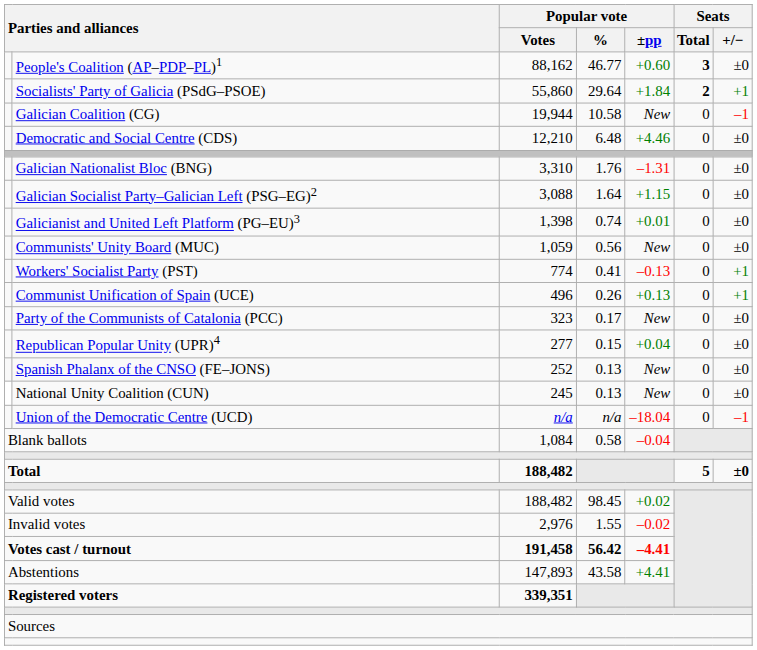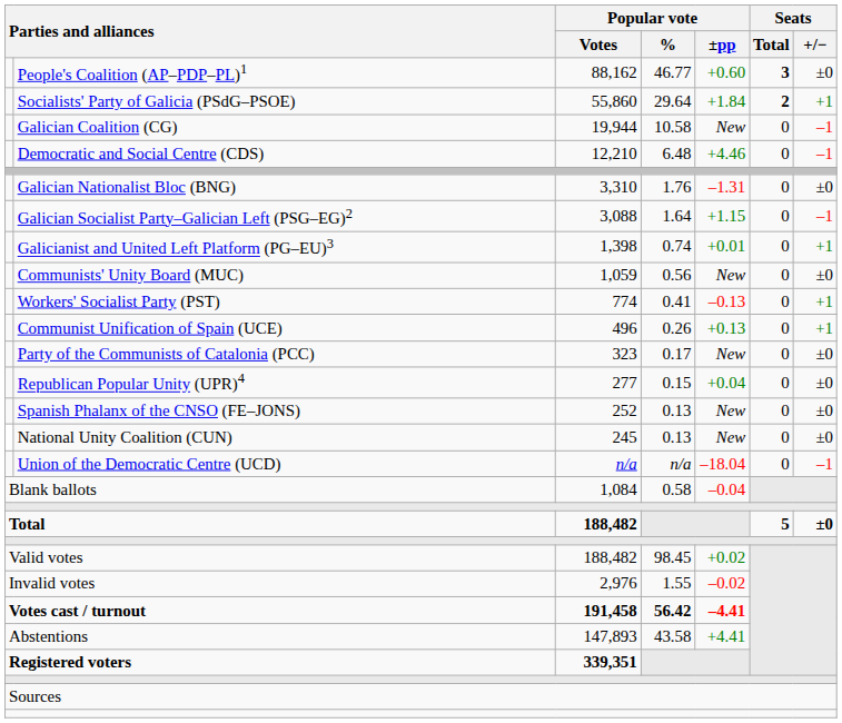 <table class="wikitable" style="text-align:right;">
 <tr>
 <th style="text-align:left;" rowspan="2" colspan="2" width="525">Parties and alliances</th>
 <th colspan="3">Popular vote</th>
 <th colspan="2">Seats</th>
 </tr>
 <tr>
 <th width="75">Votes</th>
 <th width="45">%</th>
 <th width="45">±<a href='#'>pp</a></th>
 <th width="35">Total</th>
 <th width="35">+/−</th>
 </tr>
 <tr>
 <td width="1" style="color:inherit;background:"></td>
 <td align="left"><a href='#'>People's Coalition</a> (<a href='#'>AP</a>–<a href='#'>PDP</a>–<a href='#'>PL</a>)<sup>1</sup></td>
 <td>88,162</td>
 <td>46.77</td>
 <td style="color:green;">+0.60</td>
 <td><strong>3</strong></td>
 <td>±0</td>
 </tr>
 <tr>
 <td style="color:inherit;background:"></td>
 <td align="left"><a href='#'>Socialists' Party of Galicia</a> (PSdG–PSOE)</td>
 <td>55,860</td>
 <td>29.64</td>
 <td style="color:green;">+1.84</td>
 <td><strong>2</strong></td>
 <td style="color:green;">+1</td>
 </tr>
 <tr>
 <td style="color:inherit;background:"></td>
 <td align="left"><a href='#'>Galician Coalition</a> (CG)</td>
 <td>19,944</td>
 <td>10.58</td>
 <td><em>New</em></td>
 <td>0</td>
 <td style="color:red;">–1</td>
 </tr>
 <tr>
 <td style="color:inherit;background:"></td>
 <td align="left"><a href='#'>Democratic and Social Centre</a> (CDS)</td>
 <td>12,210</td>
 <td>6.48</td>
 <td style="color:green;">+4.46</td>
 <td>0</td>
-<td>±0</td>
+<td style="color:red;">–1</td>
 </tr>
 <tr>
 <td colspan="7" bgcolor="#C0C0C0"></td>
 </tr>
 <tr>
 <td style="color:inherit;background:"></td>
 <td align="left"><a href='#'>Galician Nationalist Bloc</a> (BNG)</td>
 <td>3,310</td>
 <td>1.76</td>
 <td style="color:red;">–1.31</td>
 <td>0</td>
 <td>±0</td>
 </tr>
 <tr>
 <td style="color:inherit;background:"></td>
 <td align="left"><a href='#'>Galician Socialist Party–Galician Left</a> (PSG–EG)<sup>2</sup></td>
 <td>3,088</td>
 <td>1.64</td>
 <td style="color:green;">+1.15</td>
 <td>0</td>
-<td>±0</td>
+<td style="color:red;">–1</td>
 </tr>
 <tr>
 <td style="color:inherit;background:"></td>
 <td align="left"><a href='#'>Galicianist and United Left Platform</a> (PG–EU)<sup>3</sup></td>
 <td>1,398</td>
 <td>0.74</td>
 <td style="color:green;">+0.01</td>
 <td>0</td>
-<td>±0</td>
+<td style="color:green;">+1</td>
 </tr>
 <tr>
 <td style="color:inherit;background:"></td>
 <td align="left"><a href='#'>Communists' Unity Board</a> (MUC)</td>
 <td>1,059</td>
 <td>0.56</td>
 <td><em>New</em></td>
 <td>0</td>
 <td>±0</td>
 </tr>
 <tr>
 <td style="color:inherit;background:"></td>
 <td align="left"><a href='#'>Workers' Socialist Party</a> (PST)</td>
 <td>774</td>
 <td>0.41</td>
 <td style="color:red;">–0.13</td>
 <td>0</td>
 <td style="color:green;">+1</td>
 </tr>
 <tr>
 <td style="color:inherit;background:"></td>
 <td align="left"><a href='#'>Communist Unification of Spain</a> (UCE)</td>
 <td>496</td>
 <td>0.26</td>
 <td style="color:green;">+0.13</td>
 <td>0</td>
 <td style="color:green;">+1</td>
 </tr>
 <tr>
 <td style="color:inherit;background:"></td>
 <td align="left"><a href='#'>Party of the Communists of Catalonia</a> (PCC)</td>
 <td>323</td>
 <td>0.17</td>
 <td><em>New</em></td>
 <td>0</td>
 <td>±0</td>
 </tr>
 <tr>
 <td style="color:inherit;background:"></td>
 <td align="left"><a href='#'>Republican Popular Unity</a> (UPR)<sup>4</sup></td>
 <td>277</td>
 <td>0.15</td>
 <td style="color:green;">+0.04</td>
 <td>0</td>
 <td>±0</td>
 </tr>
 <tr>
 <td style="color:inherit;background:"></td>
 <td align="left"><a href='#'>Spanish Phalanx of the CNSO</a> (FE–JONS)</td>
 <td>252</td>
 <td>0.13</td>
 <td><em>New</em></td>
 <td>0</td>
 <td>±0</td>
 </tr>
 <tr>
 <td bgcolor="white"></td>
 <td align="left">National Unity Coalition (CUN)</td>
 <td>245</td>
 <td>0.13</td>
 <td><em>New</em></td>
 <td>0</td>
 <td>±0</td>
 </tr>
 <tr>
 <td style="color:inherit;background:"></td>
 <td align="left"><a href='#'>Union of the Democratic Centre</a> (UCD)</td>
 <td><em><a href='#'>n/a</a></em></td>
 <td><em>n/a</em></td>
 <td style="color:red;">–18.04</td>
 <td>0</td>
 <td style="color:red;">–1</td>
 </tr>
 <tr>
 <td align="left" colspan="2">Blank ballots</td>
 <td>1,084</td>
 <td>0.58</td>
 <td style="color:red;">–0.04</td>
 <td bgcolor="#E9E9E9" colspan="2"></td>
 </tr>
 <tr>
 <td colspan="7" bgcolor="#E9E9E9"></td>
 </tr>
 <tr style="font-weight:bold;">
 <td align="left" colspan="2">Total</td>
 <td>188,482</td>
 <td bgcolor="#E9E9E9" colspan="2"></td>
 <td>5</td>
 <td>±0</td>
 </tr>
 <tr>
 <td colspan="7" bgcolor="#E9E9E9"></td>
 </tr>
 <tr>
 <td align="left" colspan="2">Valid votes</td>
 <td>188,482</td>
 <td>98.45</td>
 <td style="color:green;">+0.02</td>
 <td bgcolor="#E9E9E9" colspan="2" rowspan="5"></td>
 </tr>
 <tr>
 <td align="left" colspan="2">Invalid votes</td>
 <td>2,976</td>
 <td>1.55</td>
 <td style="color:red;">–0.02</td>
 </tr>
 <tr style="font-weight:bold;">
 <td align="left" colspan="2">Votes cast / turnout</td>
 <td>191,458</td>
 <td>56.42</td>
 <td style="color:red;">–4.41</td>
 </tr>
 <tr>
 <td align="left" colspan="2">Abstentions</td>
 <td>147,893</td>
 <td>43.58</td>
 <td style="color:green;">+4.41</td>
 </tr>
 <tr style="font-weight:bold;">
 <td align="left" colspan="2">Registered voters</td>
 <td>339,351</td>
 <td bgcolor="#E9E9E9" colspan="2"></td>
 </tr>
 <tr>
 <td colspan="7" bgcolor="#E9E9E9"></td>
 </tr>
 <tr>
 <td align="left" colspan="7">Sources</td>
 </tr>
 <tr>
 <td colspan="7" style="text-align:left; max-width:790px;"></td>
 </tr>
 </table>
